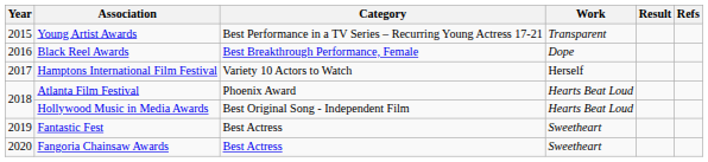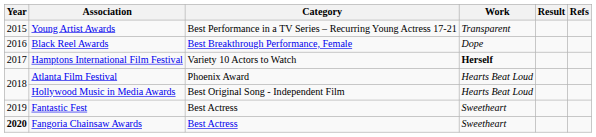 <table class="wikitable">
 <tr>
 <th>Year</th>
 <th>Association</th>
 <th>Category</th>
 <th>Work</th>
 <th>Result</th>
 <th>Refs</th>
 </tr>
 <tr>
 <td>2015</td>
 <td><a href='#'>Young Artist Awards</a></td>
 <td>Best Performance in a TV Series – Recurring Young Actress 17-21</td>
 <td><em>Transparent</em></td>
 <td></td>
 <td></td>
 </tr>
 <tr>
 <td>2016</td>
 <td><a href='#'>Black Reel Awards</a></td>
 <td><a href='#'>Best Breakthrough Performance, Female</a></td>
 <td><em>Dope</em></td>
 <td></td>
 <td></td>
 </tr>
 <tr>
 <td>2017</td>
 <td><a href='#'>Hamptons International Film Festival</a></td>
 <td>Variety 10 Actors to Watch</td>
-<td>Herself</td>
+<td><strong>Herself</strong></td>
 <td></td>
 <td></td>
 </tr>
 <tr>
 <td rowspan=2>2018</td>
 <td><a href='#'>Atlanta Film Festival</a></td>
 <td>Phoenix Award</td>
 <td><em>Hearts Beat Loud</em></td>
 <td></td>
 <td></td>
 </tr>
 <tr>
 <td><a href='#'>Hollywood Music in Media Awards</a></td>
 <td>Best Original Song - Independent Film</td>
 <td><em>Hearts Beat Loud</em></td>
 <td></td>
 <td></td>
 </tr>
 <tr>
 <td>2019</td>
 <td><a href='#'>Fantastic Fest</a></td>
 <td>Best Actress</td>
 <td><em>Sweetheart</em></td>
 <td></td>
 <td></td>
 </tr>
 <tr>
-<td>2020</td>
+<td><strong>2020</strong></td>
 <td><a href='#'>Fangoria Chainsaw Awards</a></td>
 <td><a href='#'>Best Actress</a></td>
 <td><em>Sweetheart</em></td>
 <td></td>
 <td></td>
 </tr>
 </table>
